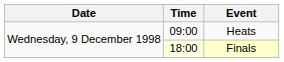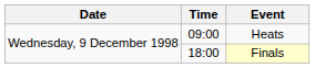 <table class = "wikitable" style="text-align:center;">
 <tr>
 <th width=220>Date</th>
 <th width=50>Time</th>
 <th width=100>Event</th>
 </tr>
 <tr>
 <td rowspan=2>Wednesday, 9 December 1998</td>
 <td>09:00</td>
 <td>Heats</td>
 </tr>
 <tr>
-<td style="background: lightyellow;">18:00</td>
+<td>18:00</td>
 <td bgcolor=ffffcc>Finals</td>
 </tr>
 </table>
